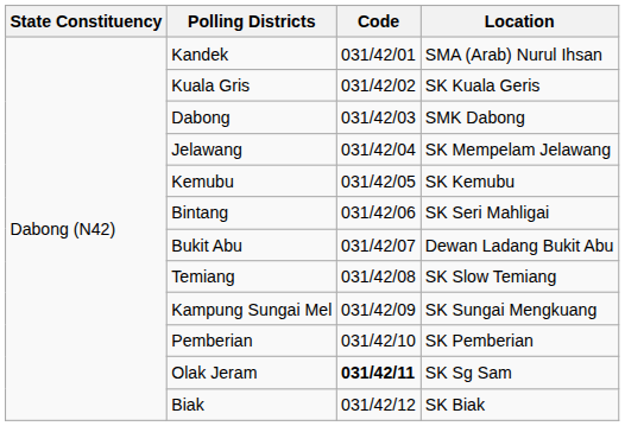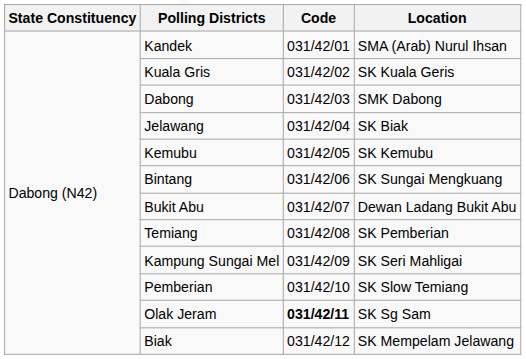 <table class="wikitable sortable mw-collapsible">
 <tr>
 <th><small>State Constituency</small></th>
 <th><small>Polling Districts</small></th>
 <th><small>Code</small></th>
 <th><small>Location</small></th>
 </tr>
 <tr>
 <td rowspan="12"><small>Dabong (N42)</small></td>
 <td><small>Kandek</small></td>
 <td><small>031/42/01</small></td>
 <td><small>SMA (Arab) Nurul Ihsan</small></td>
 </tr>
 <tr>
 <td><small>Kuala Gris</small></td>
 <td><small>031/42/02</small></td>
 <td><small>SK Kuala Geris</small></td>
 </tr>
 <tr>
 <td><small>Dabong</small></td>
 <td><small>031/42/03</small></td>
 <td><small>SMK Dabong</small></td>
 </tr>
 <tr>
 <td><small>Jelawang</small></td>
 <td><small>031/42/04</small></td>
-<td><small>SK Mempelam Jelawang</small></td>
+<td><small>SK Biak</small></td>
 </tr>
 <tr>
 <td><small>Kemubu</small></td>
 <td><small>031/42/05</small></td>
 <td><small>SK Kemubu</small></td>
 </tr>
 <tr>
 <td><small>Bintang</small></td>
 <td><small>031/42/06</small></td>
-<td><small>SK Seri Mahligai</small></td>
+<td><small>SK Sungai Mengkuang</small></td>
 </tr>
 <tr>
 <td><small>Bukit Abu</small></td>
 <td><small>031/42/07</small></td>
 <td><small>Dewan Ladang Bukit Abu</small></td>
 </tr>
 <tr>
 <td><small>Temiang</small></td>
 <td><small>031/42/08</small></td>
-<td><small>SK Slow Temiang</small></td>
+<td><small>SK Pemberian</small></td>
 </tr>
 <tr>
 <td><small>Kampung Sungai Mel</small></td>
 <td><small>031/42/09</small></td>
-<td><small>SK Sungai Mengkuang</small></td>
+<td><small>SK Seri Mahligai</small></td>
 </tr>
 <tr>
 <td><small>Pemberian</small></td>
 <td><small>031/42/10</small></td>
-<td><small>SK Pemberian</small></td>
+<td><small>SK Slow Temiang</small></td>
 </tr>
 <tr>
 <td><small>Olak Jeram</small></td>
 <td><strong><small>031/42/11</small></strong></td>
 <td><small>SK Sg Sam</small></td>
 </tr>
 <tr>
 <td><small>Biak</small></td>
 <td><small>031/42/12</small></td>
-<td><small>SK Biak</small></td>
+<td><small>SK Mempelam Jelawang</small></td>
 </tr>
 </table>
